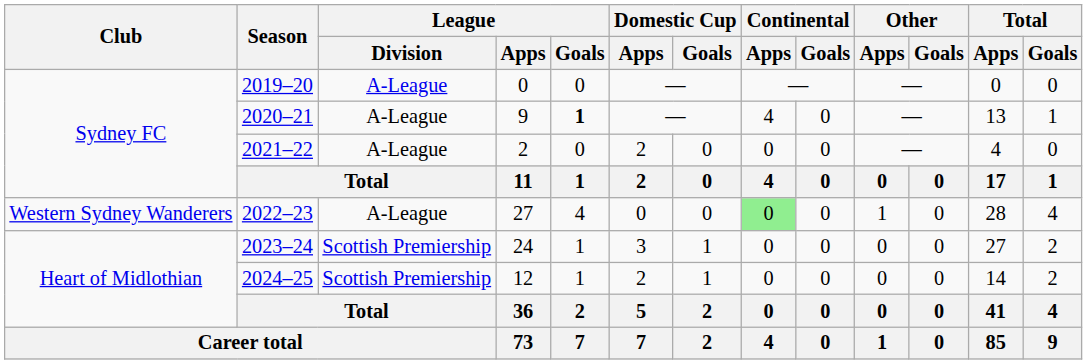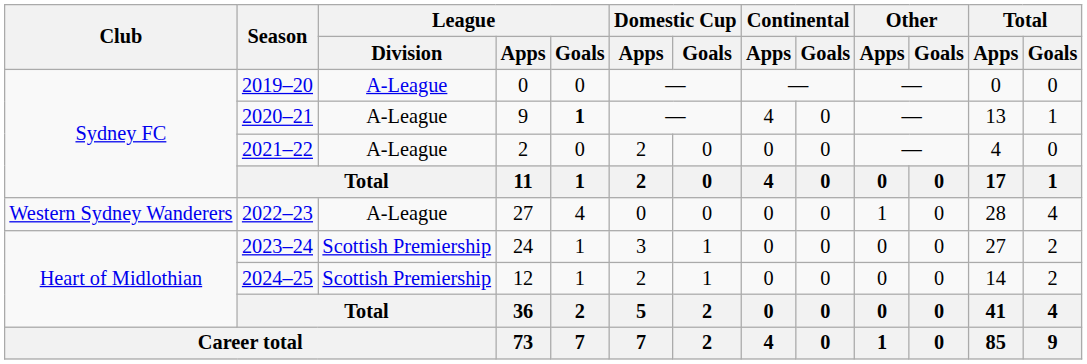 <table class="wikitable" style="text-align:center">
 <tr>
 <th rowspan="2">Club</th>
 <th rowspan="2">Season</th>
 <th colspan="3">League</th>
 <th colspan="2">Domestic Cup</th>
 <th colspan="2">Continental</th>
 <th colspan="2">Other</th>
 <th colspan="2">Total</th>
 </tr>
 <tr>
 <th>Division</th>
 <th>Apps</th>
 <th>Goals</th>
 <th>Apps</th>
 <th>Goals</th>
 <th>Apps</th>
 <th>Goals</th>
 <th>Apps</th>
 <th>Goals</th>
 <th>Apps</th>
 <th>Goals</th>
 </tr>
 <tr>
 <td rowspan="4"><a href='#'>Sydney FC</a></td>
 <td><a href='#'>2019–20</a></td>
 <td><a href='#'>A-League</a></td>
 <td>0</td>
 <td>0</td>
 <td colspan="2">—</td>
 <td colspan="2">—</td>
 <td colspan="2">—</td>
 <td>0</td>
 <td>0</td>
 </tr>
 <tr>
 <td><a href='#'>2020–21</a></td>
 <td>A-League</td>
 <td>9</td>
 <td><strong>1</strong></td>
 <td colspan="2">—</td>
 <td>4</td>
 <td>0</td>
 <td colspan="2">—</td>
 <td>13</td>
 <td>1</td>
 </tr>
 <tr>
 <td><a href='#'>2021–22</a></td>
 <td>A-League</td>
 <td>2</td>
 <td>0</td>
 <td>2</td>
 <td>0</td>
 <td>0</td>
 <td>0</td>
 <td colspan="2">—</td>
 <td>4</td>
 <td>0</td>
 </tr>
 <tr>
 <th colspan="2">Total</th>
 <th>11</th>
 <th>1</th>
 <th>2</th>
 <th>0</th>
 <th>4</th>
 <th>0</th>
 <th>0</th>
 <th>0</th>
 <th>17</th>
 <th>1</th>
 </tr>
 <tr>
 <td rowspan="1"><a href='#'>Western Sydney Wanderers</a></td>
 <td><a href='#'>2022–23</a></td>
 <td>A-League</td>
 <td>27</td>
 <td>4</td>
 <td>0</td>
 <td>0</td>
-<td style="background: lightgreen;">0</td>
+<td>0</td>
 <td>0</td>
 <td>1</td>
 <td>0</td>
 <td>28</td>
 <td>4</td>
 </tr>
 <tr>
 <td rowspan="3"><a href='#'>Heart of Midlothian</a></td>
 <td><a href='#'>2023–24</a></td>
 <td><a href='#'>Scottish Premiership</a></td>
 <td>24</td>
 <td>1</td>
 <td>3</td>
 <td>1</td>
 <td>0</td>
 <td>0</td>
 <td>0</td>
 <td>0</td>
 <td>27</td>
 <td>2</td>
 </tr>
 <tr>
 <td><a href='#'>2024–25</a></td>
 <td><a href='#'>Scottish Premiership</a></td>
 <td>12</td>
 <td>1</td>
 <td>2</td>
 <td>1</td>
 <td>0</td>
 <td>0</td>
 <td>0</td>
 <td>0</td>
 <td>14</td>
 <td>2</td>
 </tr>
 <tr>
 <th colspan="2">Total</th>
 <th>36</th>
 <th>2</th>
 <th>5</th>
 <th>2</th>
 <th>0</th>
 <th>0</th>
 <th>0</th>
 <th>0</th>
 <th>41</th>
 <th>4</th>
 </tr>
 <tr>
 <th colspan="3">Career total</th>
 <th>73</th>
 <th>7</th>
 <th>7</th>
 <th>2</th>
 <th>4</th>
 <th>0</th>
 <th>1</th>
 <th>0</th>
 <th>85</th>
 <th>9</th>
 </tr>
 </table>
